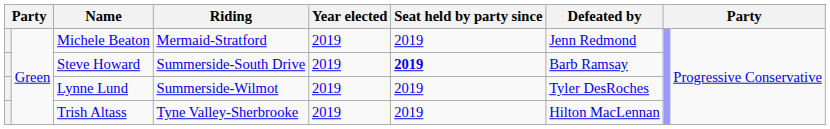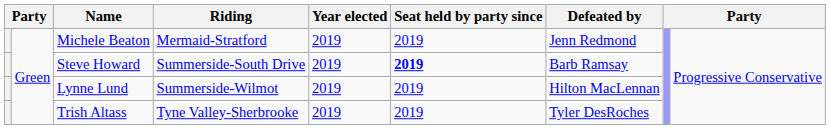 <table class="wikitable sortable" style="font-size: 95%;">
 <tr>
 <th colspan="2">Party</th>
 <th>Name</th>
 <th>Riding</th>
 <th>Year elected</th>
 <th>Seat held by party since</th>
 <th>Defeated by</th>
 <th colspan="2">Party</th>
 </tr>
 <tr>
 <th rowspan="1" style="background-color: "></th>
 <td rowspan="4"><a href='#'>Green</a></td>
 <td><a href='#'>Michele Beaton</a></td>
 <td><a href='#'>Mermaid-Stratford</a></td>
 <td><a href='#'>2019</a></td>
 <td><a href='#'>2019</a></td>
 <td><a href='#'>Jenn Redmond</a></td>
 <td rowspan="4" style="background:#9999FF"></td>
 <td rowspan="4"><a href='#'>Progressive Conservative</a></td>
 </tr>
 <tr>
 <th rowspan="1" style="background-color: "></th>
 <td><a href='#'>Steve Howard</a></td>
 <td><a href='#'>Summerside-South Drive</a></td>
 <td><a href='#'>2019</a></td>
 <td><strong><a href='#'>2019</a></strong></td>
 <td><a href='#'>Barb Ramsay</a></td>
 </tr>
 <tr>
 <th rowspan="1" style="background-color: "></th>
 <td><a href='#'>Lynne Lund</a></td>
 <td><a href='#'>Summerside-Wilmot</a></td>
 <td><a href='#'>2019</a></td>
 <td><a href='#'>2019</a></td>
-<td><a href='#'>Tyler DesRoches</a></td>
+<td><a href='#'>Hilton MacLennan</a></td>
 </tr>
 <tr>
 <th rowspan="1" style="background-color: "></th>
 <td><a href='#'>Trish Altass</a></td>
 <td><a href='#'>Tyne Valley-Sherbrooke</a></td>
 <td><a href='#'>2019</a></td>
 <td><a href='#'>2019</a></td>
-<td><a href='#'>Hilton MacLennan</a></td>
+<td><a href='#'>Tyler DesRoches</a></td>
 </tr>
 </table>
